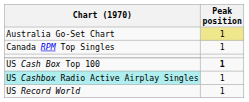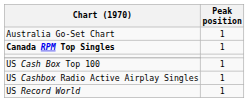 <table class="wikitable sortable">
 <tr>
 <th>Chart (1970)</th>
 <th>Peak<br>position</th>
 </tr>
 <tr>
 <td>Australia Go-Set Chart</td>
-<td style="background: khaki; text-align:center;">1</td>
+<td style="text-align:center;">1</td>
 </tr>
 <tr>
-<td>Canada <em><a href='#'>RPM</a></em> Top Singles</td>
+<td><strong>Canada <em><a href='#'>RPM</a></em> Top Singles</strong></td>
 <td style="text-align:center;">1</td>
 </tr>
 <tr>
 <td></td>
 </tr>
 <tr>
 </tr>
 <tr>
 </tr>
 <tr>
 </tr>
 <tr>
 </tr>
 <tr>
 </tr>
 <tr>
 <td>US <em>Cash Box</em> Top 100</td>
-<td style="text-align:center;"><strong>1</strong></td>
+<td style="text-align:center;">1</td>
 </tr>
 <tr>
-<td style="background: paleturquoise;">US <em>Cashbox</em> Radio Active Airplay Singles</td>
+<td>US <em>Cashbox</em> Radio Active Airplay Singles</td>
 <td style="text-align:center;">1</td>
 </tr>
 <tr>
 <td>US <em>Record World</em></td>
 <td style="text-align:center;">1</td>
 </tr>
 </table>
